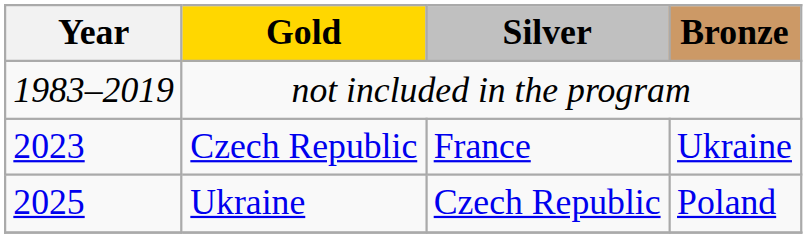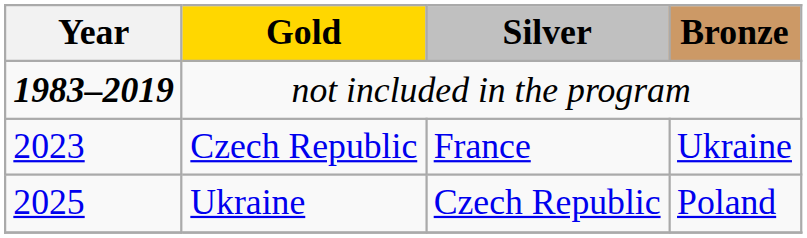 <table class="wikitable">
 <tr>
 <th>Year</th>
 <td align="center" bgcolor="gold"><strong>Gold</strong></td>
 <td align="center" bgcolor="silver"><strong>Silver</strong></td>
 <td align="center" bgcolor="cc9966"><strong>Bronze</strong></td>
 </tr>
 <tr>
-<td><em>1983–2019</em></td>
+<td><strong><em>1983–2019</em></strong></td>
 <td colspan="3" align="center"><em>not included in the program</em></td>
 </tr>
 <tr>
 <td><a href='#'>2023</a></td>
 <td> <a href='#'>Czech Republic</a></td>
 <td> <a href='#'>France</a></td>
 <td> <a href='#'>Ukraine</a></td>
 </tr>
 <tr>
 <td><a href='#'>2025</a></td>
 <td> <a href='#'>Ukraine</a></td>
 <td> <a href='#'>Czech Republic</a></td>
 <td> <a href='#'>Poland</a></td>
 </tr>
 <tr>
 </tr>
 </table>
